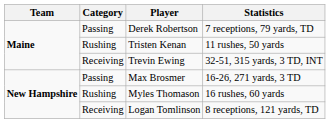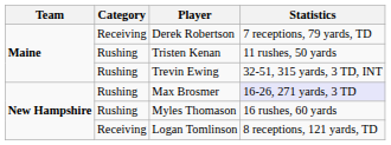 <table class="wikitable" style="float: left;">
 <tr>
 <th>Team</th>
 <th>Category</th>
 <th>Player</th>
 <th>Statistics</th>
 </tr>
 <tr>
 <td rowspan=3><strong>Maine</strong></td>
-<td>Passing</td>
+<td>Receiving</td>
 <td>Derek Robertson</td>
 <td>7 receptions, 79 yards, TD</td>
 </tr>
 <tr>
 <td>Rushing</td>
 <td>Tristen Kenan</td>
 <td>11 rushes, 50 yards</td>
 </tr>
 <tr>
-<td>Receiving</td>
+<td>Rushing</td>
 <td>Trevin Ewing</td>
 <td>32-51, 315 yards, 3 TD, INT</td>
 </tr>
 <tr>
 <td rowspan=3><strong>New Hampshire</strong></td>
-<td>Passing</td>
+<td>Rushing</td>
 <td>Max Brosmer</td>
-<td>16-26, 271 yards, 3 TD</td>
+<td style="background: lavender;">16-26, 271 yards, 3 TD</td>
 </tr>
 <tr>
 <td>Rushing</td>
 <td>Myles Thomason</td>
 <td>16 rushes, 60 yards</td>
 </tr>
 <tr>
 <td>Receiving</td>
 <td>Logan Tomlinson</td>
 <td>8 receptions, 121 yards, TD</td>
 </tr>
 </table>
